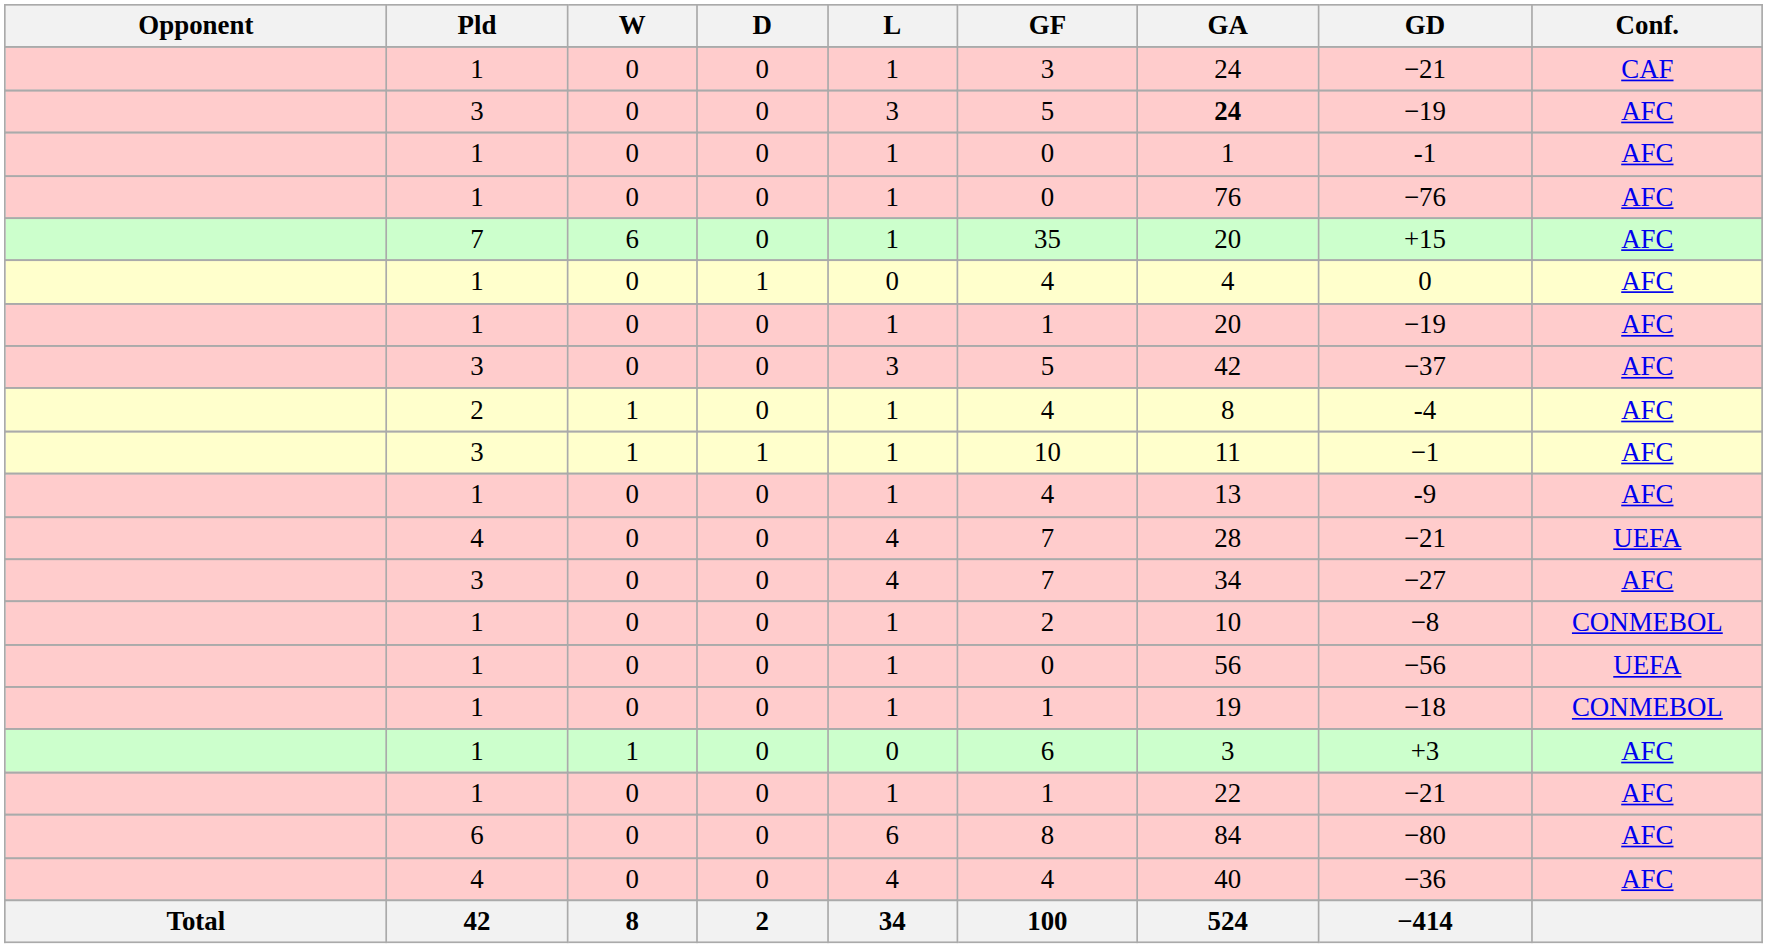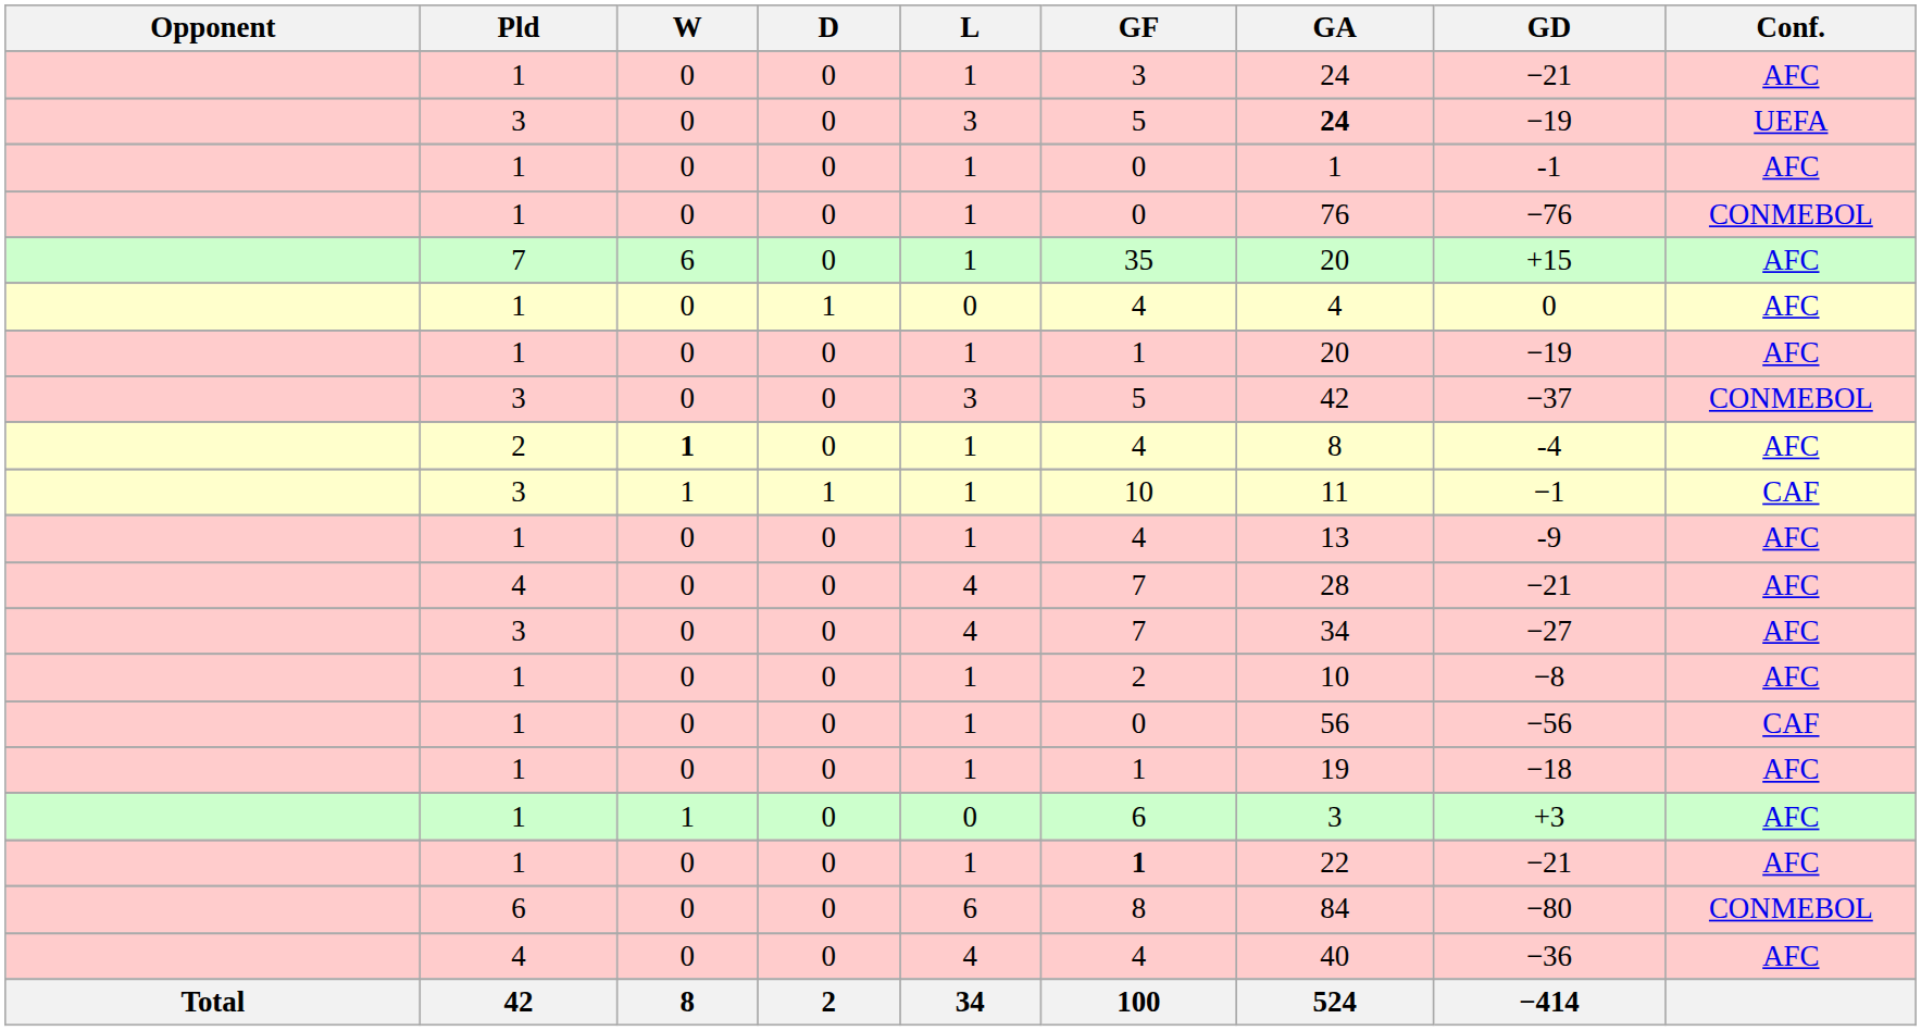 <table class="wikitable sortable collapsible collapsed" style="text-align: center">
 <tr>
 <th width=220>Opponent<br></th>
 <th width=100>Pld<br></th>
 <th width=70>W<br></th>
 <th width=70>D<br></th>
 <th width=70>L<br></th>
 <th width=100>GF<br></th>
 <th width=100>GA<br></th>
 <th width=120>GD<br></th>
 <th width=130>Conf.</th>
 </tr>
 <tr>
 </tr>
 <tr bgcolor="#FFCCCC">
 <td align=left></td>
 <td>1</td>
 <td>0</td>
 <td>0</td>
 <td>1</td>
 <td>3</td>
 <td>24</td>
 <td>−21</td>
-<td><a href='#'>CAF</a></td>
+<td><a href='#'>AFC</a></td>
 </tr>
 <tr>
 </tr>
 <tr bgcolor="#FFCCCC">
 <td align=left></td>
 <td>3</td>
 <td>0</td>
 <td>0</td>
 <td>3</td>
 <td>5</td>
 <td><strong>24</strong></td>
 <td>−19</td>
-<td><a href='#'>AFC</a></td>
+<td><a href='#'>UEFA</a></td>
 </tr>
 <tr>
 </tr>
 <tr bgcolor="#FFCCCC">
 <td align=left></td>
 <td>1</td>
 <td>0</td>
 <td>0</td>
 <td>1</td>
 <td>0</td>
 <td>1</td>
 <td>-1</td>
 <td><a href='#'>AFC</a></td>
 </tr>
 <tr>
 </tr>
 <tr bgcolor="#FFCCCC">
 <td align=left></td>
 <td>1</td>
 <td>0</td>
 <td>0</td>
 <td>1</td>
 <td>0</td>
 <td>76</td>
 <td>−76</td>
-<td><a href='#'>AFC</a></td>
+<td><a href='#'>CONMEBOL</a></td>
 </tr>
 <tr>
 </tr>
 <tr bgcolor="#CCFFCC">
 <td align=left></td>
 <td>7</td>
 <td>6</td>
 <td>0</td>
 <td>1</td>
 <td>35</td>
 <td>20</td>
 <td>+15</td>
 <td><a href='#'>AFC</a></td>
 </tr>
 <tr>
 </tr>
 <tr bgcolor="#FFFFCC">
 <td align=left></td>
 <td>1</td>
 <td>0</td>
 <td>1</td>
 <td>0</td>
 <td>4</td>
 <td>4</td>
 <td>0</td>
 <td><a href='#'>AFC</a></td>
 </tr>
 <tr>
 </tr>
 <tr bgcolor="#FFCCCC">
 <td align=left></td>
 <td>1</td>
 <td>0</td>
 <td>0</td>
 <td>1</td>
 <td>1</td>
 <td>20</td>
 <td>−19</td>
 <td><a href='#'>AFC</a></td>
 </tr>
 <tr>
 </tr>
 <tr bgcolor="#FFCCCC">
 <td align=left></td>
 <td>3</td>
 <td>0</td>
 <td>0</td>
 <td>3</td>
 <td>5</td>
 <td>42</td>
 <td>−37</td>
-<td><a href='#'>AFC</a></td>
+<td><a href='#'>CONMEBOL</a></td>
 </tr>
 <tr>
 </tr>
 <tr bgcolor="#FFFFCC">
 <td align=left></td>
 <td>2</td>
-<td>1</td>
+<td><strong>1</strong></td>
 <td>0</td>
 <td>1</td>
 <td>4</td>
 <td>8</td>
 <td>-4</td>
 <td><a href='#'>AFC</a></td>
 </tr>
 <tr>
 </tr>
 <tr bgcolor="#FFFFCC">
 <td align=left></td>
 <td>3</td>
 <td>1</td>
 <td>1</td>
 <td>1</td>
 <td>10</td>
 <td>11</td>
 <td>−1</td>
-<td><a href='#'>AFC</a></td>
+<td><a href='#'>CAF</a></td>
 </tr>
 <tr>
 </tr>
 <tr bgcolor="#FFCCCC">
 <td align=left></td>
 <td>1</td>
 <td>0</td>
 <td>0</td>
 <td>1</td>
 <td>4</td>
 <td>13</td>
 <td>-9</td>
 <td><a href='#'>AFC</a></td>
 </tr>
 <tr>
 </tr>
 <tr bgcolor="#FFCCCC">
 <td align=left></td>
 <td>4</td>
 <td>0</td>
 <td>0</td>
 <td>4</td>
 <td>7</td>
 <td>28</td>
 <td>−21</td>
-<td><a href='#'>UEFA</a></td>
+<td><a href='#'>AFC</a></td>
 </tr>
 <tr>
 </tr>
 <tr bgcolor="#FFCCCC">
 <td align=left></td>
 <td>3</td>
 <td>0</td>
 <td>0</td>
 <td>4</td>
 <td>7</td>
 <td>34</td>
 <td>−27</td>
 <td><a href='#'>AFC</a></td>
 </tr>
 <tr>
 </tr>
 <tr bgcolor="#FFCCCC">
 <td align=left></td>
 <td>1</td>
 <td>0</td>
 <td>0</td>
 <td>1</td>
 <td>2</td>
 <td>10</td>
 <td>−8</td>
-<td><a href='#'>CONMEBOL</a></td>
+<td><a href='#'>AFC</a></td>
 </tr>
 <tr>
 </tr>
 <tr bgcolor="#FFCCCC">
 <td align=left></td>
 <td>1</td>
 <td>0</td>
 <td>0</td>
 <td>1</td>
 <td>0</td>
 <td>56</td>
 <td>−56</td>
-<td><a href='#'>UEFA</a></td>
+<td><a href='#'>CAF</a></td>
 </tr>
 <tr>
 </tr>
 <tr bgcolor="#FFCCCC">
 <td align=left></td>
 <td>1</td>
 <td>0</td>
 <td>0</td>
 <td>1</td>
 <td>1</td>
 <td>19</td>
 <td>−18</td>
-<td><a href='#'>CONMEBOL</a></td>
+<td><a href='#'>AFC</a></td>
 </tr>
 <tr>
 </tr>
 <tr bgcolor="#CCFFCC">
 <td align=left></td>
 <td>1</td>
 <td>1</td>
 <td>0</td>
 <td>0</td>
 <td>6</td>
 <td>3</td>
 <td>+3</td>
 <td><a href='#'>AFC</a></td>
 </tr>
 <tr>
 </tr>
 <tr bgcolor="#FFCCCC">
 <td align=left></td>
 <td>1</td>
 <td>0</td>
 <td>0</td>
 <td>1</td>
-<td>1</td>
+<td><strong>1</strong></td>
 <td>22</td>
 <td>−21</td>
 <td><a href='#'>AFC</a></td>
 </tr>
 <tr>
 </tr>
 <tr bgcolor="#FFCCCC">
 <td align=left></td>
 <td>6</td>
 <td>0</td>
 <td>0</td>
 <td>6</td>
 <td>8</td>
 <td>84</td>
 <td>−80</td>
-<td><a href='#'>AFC</a></td>
+<td><a href='#'>CONMEBOL</a></td>
 </tr>
 <tr>
 </tr>
 <tr bgcolor="#FFCCCC">
 <td align=left></td>
 <td>4</td>
 <td>0</td>
 <td>0</td>
 <td>4</td>
 <td>4</td>
 <td>40</td>
 <td>−36</td>
 <td><a href='#'>AFC</a></td>
 </tr>
 <tr>
 </tr>
 <tr class="sortbottom">
 <th>Total</th>
 <th>42</th>
 <th>8</th>
 <th>2</th>
 <th>34</th>
 <th>100</th>
 <th>524</th>
 <th>−414</th>
 <th></th>
 </tr>
 </table>
